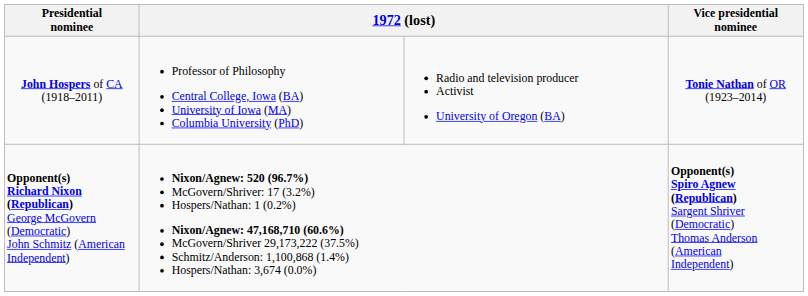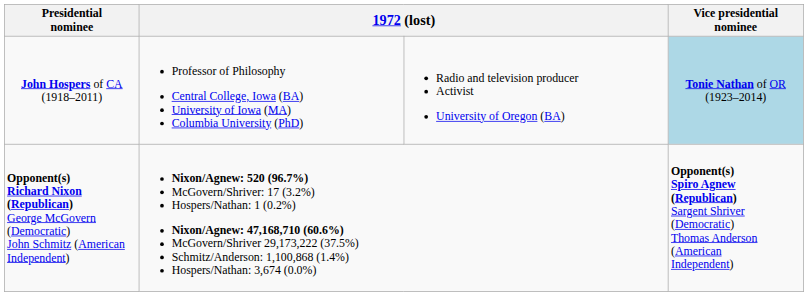 <table class="wikitable">
 <tr>
 <th width=175>Presidential<br>nominee</th>
 <th colspan=2><big><a href='#'>1972</a> (lost)</big></th>
 <th width=175>Vice presidential<br>nominee</th>
 </tr>
 <tr>
 <td style="text-align:center;"><strong><a href='#'>John Hospers</a></strong> of <a href='#'>CA</a><br>(1918–2011)<br></td>
 <td width=350><br><ul><li>Professor of Philosophy</li></ul><ul><li><a href='#'>Central College, Iowa</a> (<a href='#'>BA</a>)</li><li><a href='#'>University of Iowa</a> (<a href='#'>MA</a>)</li><li><a href='#'>Columbia University</a> (<a href='#'>PhD</a>)</li></ul></td>
 <td width=350><br><ul><li>Radio and television producer</li><li>Activist</li></ul><ul><li><a href='#'>University of Oregon</a> (<a href='#'>BA</a>)</li></ul></td>
-<td style="text-align:center;"><strong><a href='#'>Tonie Nathan</a></strong> of <a href='#'>OR</a><br>(1923–2014)<br></td>
+<td style="background: lightblue; text-align:center;"><strong><a href='#'>Tonie Nathan</a></strong> of <a href='#'>OR</a><br>(1923–2014)<br></td>
 </tr>
 <tr>
 <td><strong>Opponent(s)</strong><br><strong><a href='#'>Richard Nixon</a> (<a href='#'>Republican</a>)</strong><br><a href='#'>George McGovern</a> (<a href='#'>Democratic</a>)<br><a href='#'>John Schmitz</a> (<a href='#'>American<br>Independent</a>)</td>
 <td colspan=2><br><ul><li><strong>Nixon/Agnew: 520 (96.7%)</strong></li><li>McGovern/Shriver: 17 (3.2%)</li><li>Hospers/Nathan: 1 (0.2%)</li></ul><ul><li><strong>Nixon/Agnew: 47,168,710 (60.6%)</strong></li><li>McGovern/Shriver 29,173,222 (37.5%)</li><li>Schmitz/Anderson: 1,100,868 (1.4%)</li><li>Hospers/Nathan: 3,674 (0.0%)</li></ul></td>
 <td><strong>Opponent(s)</strong><br><strong><a href='#'>Spiro Agnew</a> (<a href='#'>Republican</a>)</strong><br><a href='#'>Sargent Shriver</a> (<a href='#'>Democratic</a>)<br><a href='#'>Thomas Anderson</a> (<a href='#'>American<br>Independent</a>)</td>
 </tr>
 </table>
